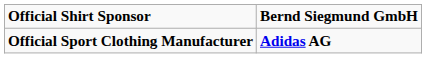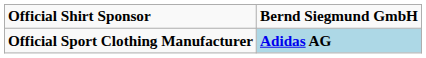 <table class="wikitable">
 <tr>
 <td><strong>Official Shirt Sponsor</strong></td>
 <td><strong>Bernd Siegmund GmbH</strong></td>
 </tr>
 <tr>
 <td><strong>Official Sport Clothing Manufacturer</strong></td>
-<td><strong><a href='#'>Adidas</a> AG</strong></td>
+<td style="background: lightblue;"><strong><a href='#'>Adidas</a> AG</strong></td>
 </tr>
 </table>
